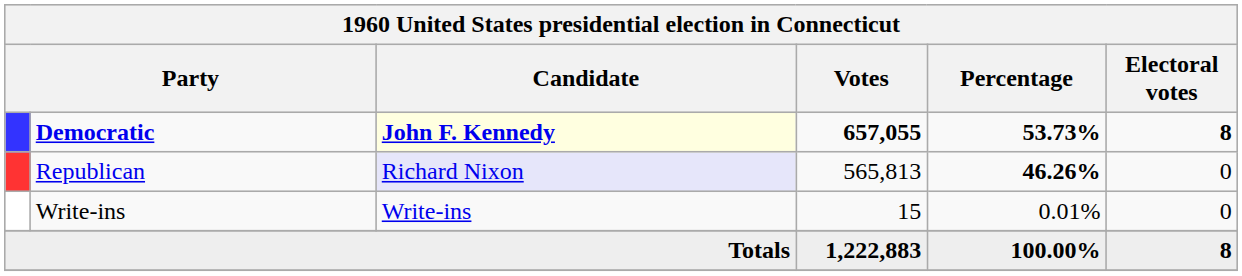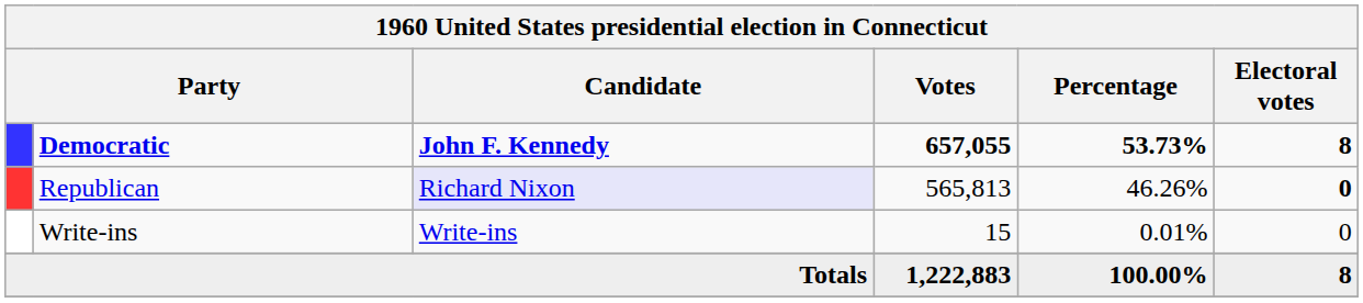 <table class="wikitable" style="font-size: 95%;">
 <tr>
 <th colspan="6">1960 United States presidential election in Connecticut</th>
 </tr>
 <tr>
 <th colspan="2" style="width: 15em">Party</th>
 <th style="width: 17em">Candidate</th>
 <th style="width: 5em">Votes</th>
 <th style="width: 7em">Percentage</th>
 <th style="width: 5em">Electoral votes</th>
 </tr>
 <tr>
 <th style="background-color:#3333FF; width: 3px"></th>
 <td style="width: 130px"><strong><a href='#'>Democratic</a></strong></td>
-<td style="background: lightyellow;"><strong><a href='#'>John F. Kennedy</a></strong></td>
+<td><strong><a href='#'>John F. Kennedy</a></strong></td>
 <td align="right"><strong>657,055</strong></td>
 <td align="right"><strong>53.73%</strong></td>
 <td align="right"><strong>8</strong></td>
 </tr>
 <tr>
 <th style="background-color:#FF3333; width: 3px"></th>
 <td style="width: 130px"><a href='#'>Republican</a></td>
 <td style="background: lavender;"><a href='#'>Richard Nixon</a></td>
 <td align="right">565,813</td>
-<td align="right"><strong>46.26%</strong></td>
-<td align="right">0</td>
+<td align="right">46.26%</td>
+<td align="right"><strong>0</strong></td>
 </tr>
 <tr>
 <th style="background-color:#FFFFFF; width: 3px"></th>
 <td style="width: 130px">Write-ins</td>
 <td><a href='#'>Write-ins</a></td>
 <td align="right">15</td>
 <td align="right">0.01%</td>
 <td align="right">0</td>
 </tr>
 <tr>
 </tr>
 <tr bgcolor="#EEEEEE">
 <td colspan="3" align="right"><strong>Totals</strong></td>
 <td align="right"><strong> 1,222,883</strong></td>
 <td align="right"><strong>100.00%</strong></td>
 <td align="right"><strong>8</strong></td>
 </tr>
 <tr bgcolor="#EEEEEE">
 </tr>
 </table>
